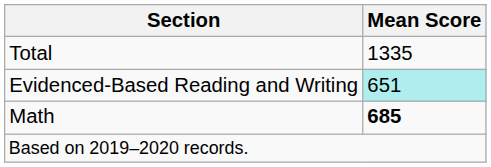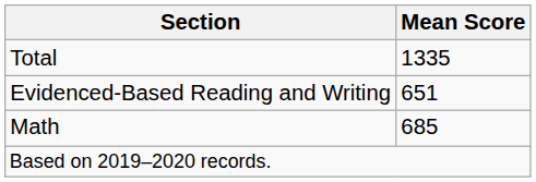 <table class="wikitable">
 <tr>
 <th>Section</th>
 <th>Mean Score</th>
 </tr>
 <tr>
 <td>Total</td>
 <td>1335</td>
 </tr>
 <tr>
 <td>Evidenced-Based Reading and Writing</td>
-<td style="background: paleturquoise;">651</td>
+<td>651</td>
 </tr>
 <tr>
 <td>Math</td>
-<td><strong>685</strong></td>
+<td>685</td>
 </tr>
 <tr>
 <td colspan=3 style="font-size:88%">Based on 2019–2020 records.</td>
 </tr>
 </table>
